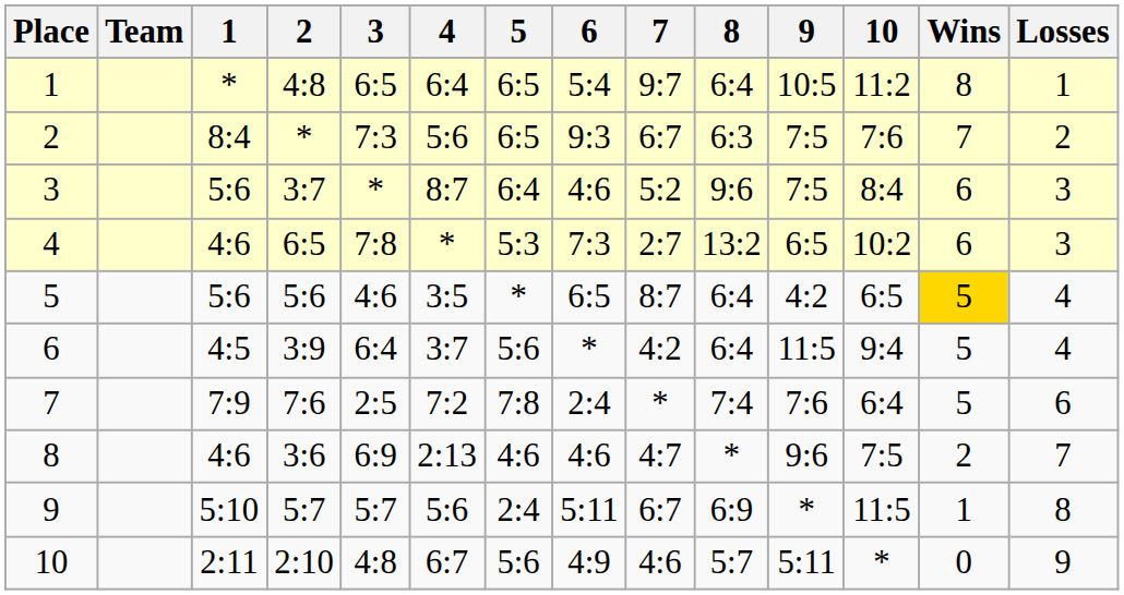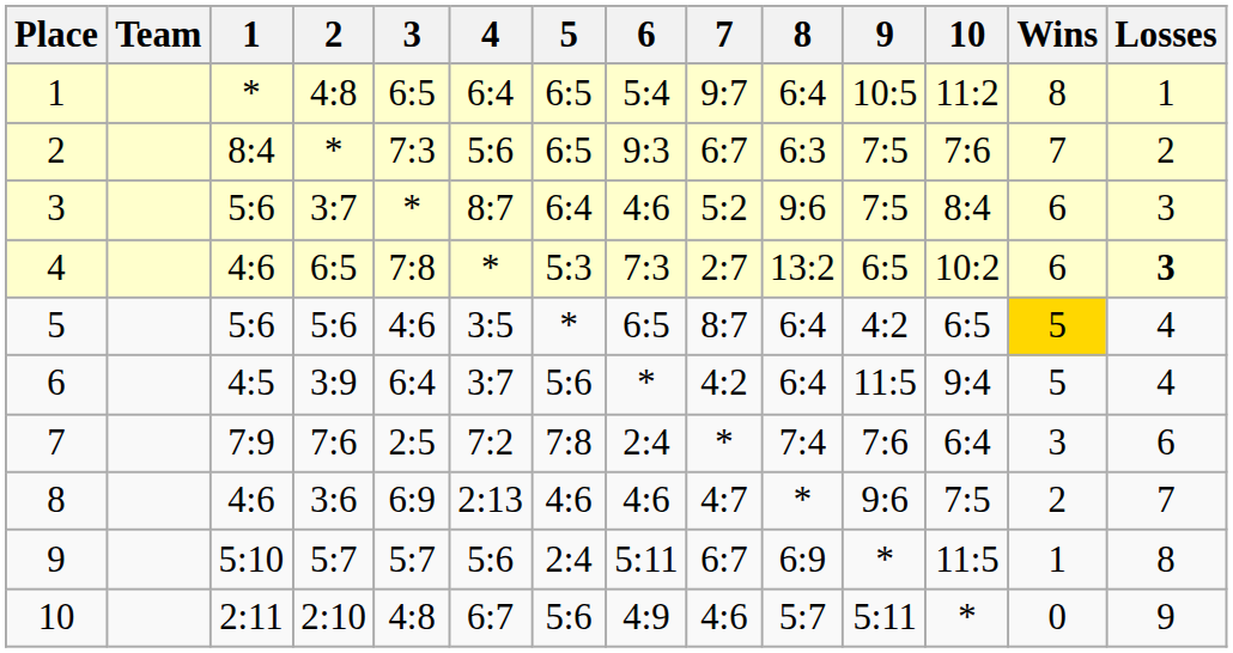 <table class="wikitable" style="text-align:center;">
 <tr>
 <th>Place</th>
 <th>Team</th>
 <th width="25">1</th>
 <th width="25">2</th>
 <th width="25">3</th>
 <th width="25">4</th>
 <th width="25">5</th>
 <th width="25">6</th>
 <th width="25">7</th>
 <th width="25">8</th>
 <th width="25">9</th>
 <th width="25">10</th>
 <th>Wins</th>
 <th>Losses</th>
 </tr>
 <tr bgcolor=#ffc>
 <td>1</td>
 <td align="left"></td>
 <td>*</td>
 <td>4:8</td>
 <td>6:5</td>
 <td>6:4</td>
 <td>6:5</td>
 <td>5:4</td>
 <td>9:7</td>
 <td>6:4</td>
 <td>10:5</td>
 <td>11:2</td>
 <td>8</td>
 <td>1</td>
 </tr>
 <tr bgcolor=#ffc>
 <td>2</td>
 <td align="left"></td>
 <td>8:4</td>
 <td>*</td>
 <td>7:3</td>
 <td>5:6</td>
 <td>6:5</td>
 <td>9:3</td>
 <td>6:7</td>
 <td>6:3</td>
 <td>7:5</td>
 <td>7:6</td>
 <td>7</td>
 <td>2</td>
 </tr>
 <tr bgcolor=#ffc>
 <td>3</td>
 <td align="left"></td>
 <td>5:6</td>
 <td>3:7</td>
 <td>*</td>
 <td>8:7</td>
 <td>6:4</td>
 <td>4:6</td>
 <td>5:2</td>
 <td>9:6</td>
 <td>7:5</td>
 <td>8:4</td>
 <td>6</td>
 <td>3</td>
 </tr>
 <tr bgcolor=#ffc>
 <td>4</td>
 <td align="left"></td>
 <td>4:6</td>
 <td>6:5</td>
 <td>7:8</td>
 <td>*</td>
 <td>5:3</td>
 <td>7:3</td>
 <td>2:7</td>
 <td>13:2</td>
 <td>6:5</td>
 <td>10:2</td>
 <td>6</td>
-<td>3</td>
+<td><strong>3</strong></td>
 </tr>
 <tr>
 <td>5</td>
 <td align="left"></td>
 <td>5:6</td>
 <td>5:6</td>
 <td>4:6</td>
 <td>3:5</td>
 <td>*</td>
 <td>6:5</td>
 <td>8:7</td>
 <td>6:4</td>
 <td>4:2</td>
 <td>6:5</td>
 <td style="background: gold;">5</td>
 <td>4</td>
 </tr>
 <tr>
 <td>6</td>
 <td align="left"></td>
 <td>4:5</td>
 <td>3:9</td>
 <td>6:4</td>
 <td>3:7</td>
 <td>5:6</td>
 <td>*</td>
 <td>4:2</td>
 <td>6:4</td>
 <td>11:5</td>
 <td>9:4</td>
 <td>5</td>
 <td>4</td>
 </tr>
 <tr>
 <td>7</td>
 <td align="left"></td>
 <td>7:9</td>
 <td>7:6</td>
 <td>2:5</td>
 <td>7:2</td>
 <td>7:8</td>
 <td>2:4</td>
 <td>*</td>
 <td>7:4</td>
 <td>7:6</td>
 <td>6:4</td>
-<td>5</td>
+<td>3</td>
 <td>6</td>
 </tr>
 <tr>
 <td>8</td>
 <td align="left"></td>
 <td>4:6</td>
 <td>3:6</td>
 <td>6:9</td>
 <td>2:13</td>
 <td>4:6</td>
 <td>4:6</td>
 <td>4:7</td>
 <td>*</td>
 <td>9:6</td>
 <td>7:5</td>
 <td>2</td>
 <td>7</td>
 </tr>
 <tr>
 <td>9</td>
 <td align="left"></td>
 <td>5:10</td>
 <td>5:7</td>
 <td>5:7</td>
 <td>5:6</td>
 <td>2:4</td>
 <td>5:11</td>
 <td>6:7</td>
 <td>6:9</td>
 <td>*</td>
 <td>11:5</td>
 <td>1</td>
 <td>8</td>
 </tr>
 <tr>
 <td>10</td>
 <td align="left"></td>
 <td>2:11</td>
 <td>2:10</td>
 <td>4:8</td>
 <td>6:7</td>
 <td>5:6</td>
 <td>4:9</td>
 <td>4:6</td>
 <td>5:7</td>
 <td>5:11</td>
 <td>*</td>
 <td>0</td>
 <td>9</td>
 </tr>
 </table>
